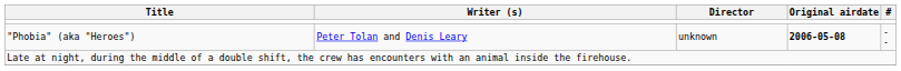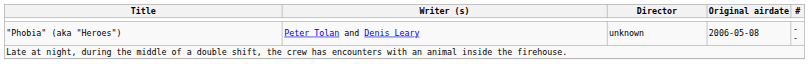 <table class="wikitable" width="99%">
 <tr bgcolor="#CCCCCC">
 <th>Title</th>
 <th>Writer (s)</th>
 <th width="150">Director</th>
 <th width="120">Original airdate</th>
 <th width="15">#</th>
 </tr>
 <tr>
 <td colspan="6" bgcolor="White"></td>
 </tr>
 <tr>
 <td rowspan="1">"Phobia" (aka "Heroes")</td>
 <td><a href='#'>Peter Tolan</a> and <a href='#'>Denis Leary</a></td>
 <td>unknown</td>
-<td><strong>2006-05-08</strong></td>
+<td>2006-05-08</td>
 <td>--</td>
 </tr>
 <tr>
 <td colspan="6">Late at night, during the middle of a double shift, the crew has encounters with an animal inside the firehouse.</td>
 </tr>
 <tr>
 </tr>
 </table>
